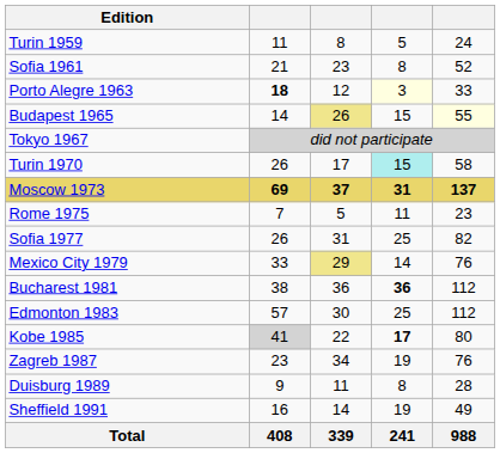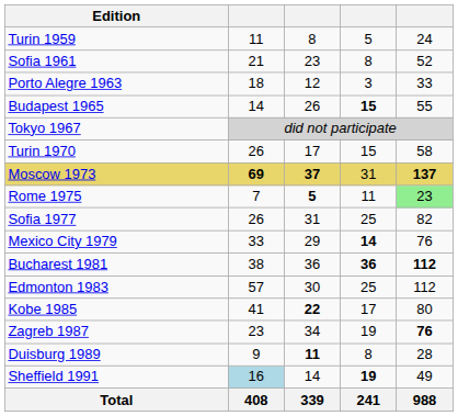 <table class="wikitable" width=40% style="font-size:100%; text-align:center;">
 <tr>
 <th>Edition</th>
 <th></th>
 <th></th>
 <th></th>
 <th></th>
 </tr>
 <tr>
 <td align=left> <a href='#'>Turin 1959</a></td>
 <td>11</td>
 <td>8</td>
 <td>5</td>
 <td>24</td>
 </tr>
 <tr>
 <td align=left> <a href='#'>Sofia 1961</a></td>
 <td>21</td>
 <td>23</td>
 <td>8</td>
 <td>52</td>
 </tr>
 <tr>
 <td align=left> <a href='#'>Porto Alegre 1963</a></td>
-<td><strong>18</strong></td>
+<td>18</td>
 <td>12</td>
-<td style="background: lightyellow;">3</td>
+<td>3</td>
 <td>33</td>
 </tr>
 <tr>
 <td align=left> <a href='#'>Budapest 1965</a></td>
 <td>14</td>
-<td style="background: khaki;">26</td>
-<td>15</td>
-<td style="background: lightyellow;">55</td>
+<td>26</td>
+<td><strong>15</strong></td>
+<td>55</td>
 </tr>
 <tr>
 <td align=left> <a href='#'>Tokyo 1967</a></td>
 <td colspan=4 bgcolor=lightgrey><em>did not participate</em></td>
 </tr>
 <tr>
 <td align=left> <a href='#'>Turin 1970</a></td>
 <td>26</td>
 <td>17</td>
-<td style="background: paleturquoise;">15</td>
+<td>15</td>
 <td>58</td>
 </tr>
 <tr bgcolor=E9D66B>
 <td align=left> <a href='#'>Moscow 1973</a></td>
 <td><strong>69</strong></td>
 <td><strong>37</strong></td>
-<td><strong>31</strong></td>
+<td>31</td>
 <td><strong>137</strong></td>
 </tr>
 <tr>
 <td align=left> <a href='#'>Rome 1975</a></td>
 <td>7</td>
-<td>5</td>
+<td><strong>5</strong></td>
 <td>11</td>
-<td>23</td>
+<td style="background: lightgreen;">23</td>
 </tr>
 <tr>
 <td align=left> <a href='#'>Sofia 1977</a></td>
 <td>26</td>
 <td>31</td>
 <td>25</td>
 <td>82</td>
 </tr>
 <tr>
 <td align=left> <a href='#'>Mexico City 1979</a></td>
 <td>33</td>
-<td style="background: khaki;">29</td>
-<td>14</td>
+<td>29</td>
+<td><strong>14</strong></td>
 <td>76</td>
 </tr>
 <tr>
 <td align=left> <a href='#'>Bucharest 1981</a></td>
 <td>38</td>
 <td>36</td>
 <td><strong>36</strong></td>
-<td>112</td>
+<td><strong>112</strong></td>
 </tr>
 <tr>
 <td align=left> <a href='#'>Edmonton 1983</a></td>
 <td>57</td>
 <td>30</td>
 <td>25</td>
 <td>112</td>
 </tr>
 <tr>
 <td align=left> <a href='#'>Kobe 1985</a></td>
-<td style="background: lightgrey;">41</td>
-<td>22</td>
-<td><strong>17</strong></td>
+<td>41</td>
+<td><strong>22</strong></td>
+<td>17</td>
 <td>80</td>
 </tr>
 <tr>
 <td align=left> <a href='#'>Zagreb 1987</a></td>
 <td>23</td>
 <td>34</td>
 <td>19</td>
-<td>76</td>
+<td><strong>76</strong></td>
 </tr>
 <tr>
 <td align=left> <a href='#'>Duisburg 1989</a></td>
 <td>9</td>
-<td>11</td>
+<td><strong>11</strong></td>
 <td>8</td>
 <td>28</td>
 </tr>
 <tr>
 <td align=left> <a href='#'>Sheffield 1991</a></td>
-<td>16</td>
+<td style="background: lightblue;">16</td>
 <td>14</td>
-<td>19</td>
+<td><strong>19</strong></td>
 <td>49</td>
 </tr>
 <tr>
 <th align-right>Total</th>
 <th>408</th>
 <th>339</th>
 <th>241</th>
 <th>988</th>
 </tr>
 </table>
